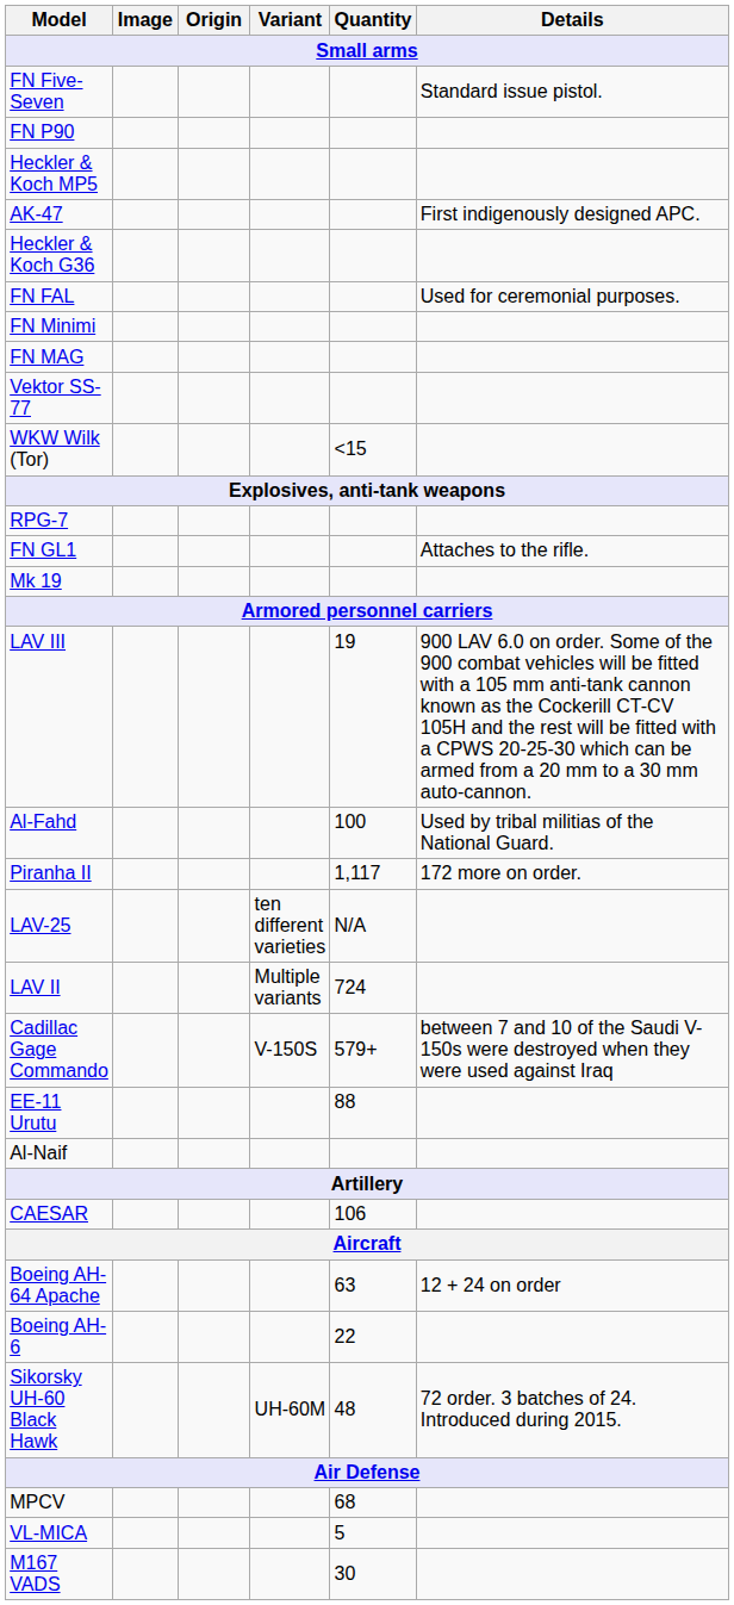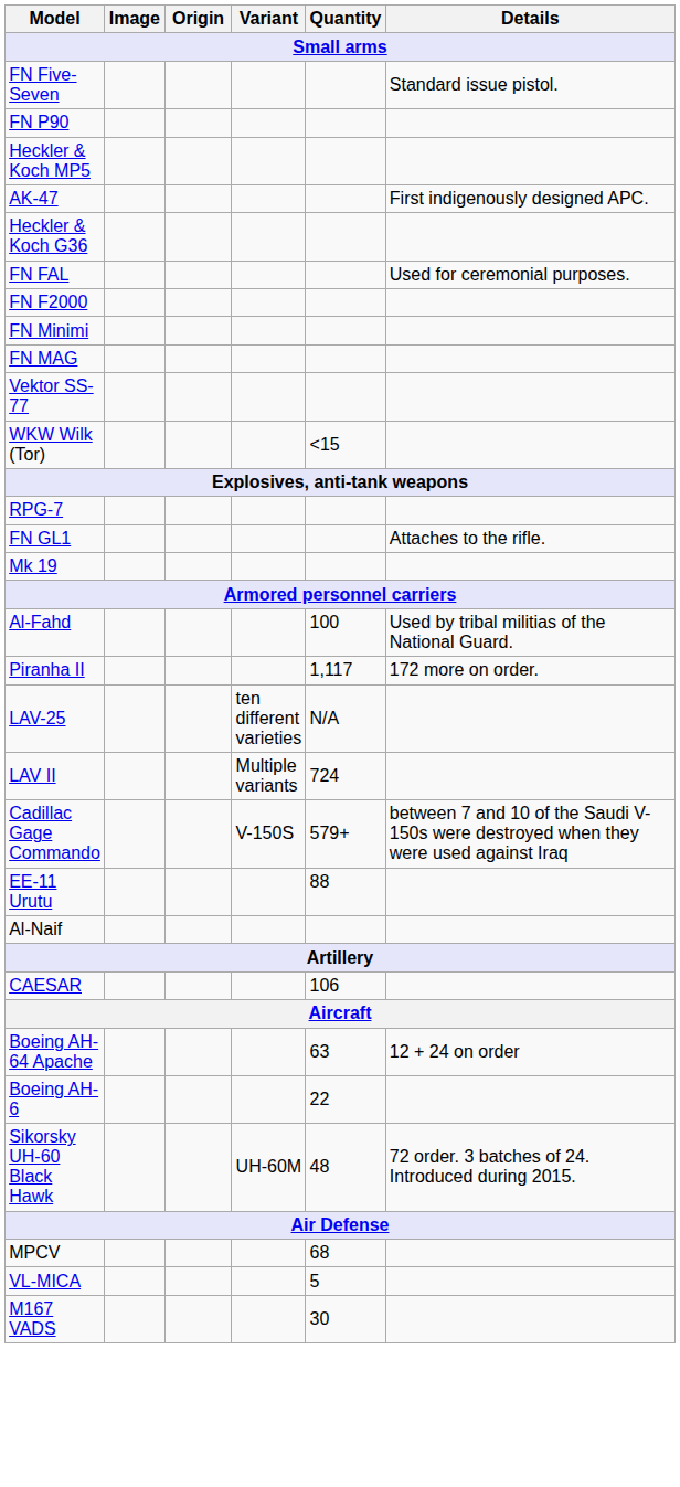 <table class="wikitable">
 <tr>
 <th style="width:9%;">Model</th>
 <th style="width:9%;">Image</th>
 <th style="width:10%;">Origin</th>
 <th style="width:4%;">Variant</th>
 <th>Quantity</th>
 <th>Details</th>
 </tr>
 <tr>
 <th colspan="6" style="align: center; background: lavender;"><strong><a href='#'>Small arms</a></strong></th>
 </tr>
 <tr>
 <td><a href='#'>FN Five-Seven</a></td>
 <td></td>
 <td></td>
 <td></td>
 <td></td>
 <td>Standard issue pistol.</td>
 </tr>
 <tr>
 <td><a href='#'>FN P90</a></td>
 <td></td>
 <td></td>
 <td></td>
 <td></td>
 <td></td>
 </tr>
 <tr>
 <td><a href='#'>Heckler & Koch MP5</a></td>
 <td></td>
 <td><br></td>
 <td></td>
 <td></td>
 <td></td>
 </tr>
 <tr>
 <td><a href='#'>AK-47</a></td>
 <td></td>
 <td></td>
 <td></td>
 <td></td>
 <td>First indigenously designed APC.</td>
 </tr>
 <tr>
 <td><a href='#'>Heckler & Koch G36</a></td>
 <td></td>
 <td><br></td>
 <td></td>
 <td></td>
 <td></td>
 </tr>
 <tr>
 <td><a href='#'>FN FAL</a></td>
 <td></td>
 <td></td>
 <td></td>
 <td></td>
 <td>Used for ceremonial purposes.</td>
+</tr>
+<tr>
+<td><a href='#'>FN F2000</a></td>
+<td></td>
+<td></td>
+<td></td>
+<td></td>
+<td></td>
 </tr>
 <tr>
 <td><a href='#'>FN Minimi</a></td>
 <td></td>
 <td></td>
 <td></td>
 <td></td>
 <td></td>
 </tr>
 <tr>
 <td><a href='#'>FN MAG</a></td>
 <td></td>
 <td></td>
 <td></td>
 <td></td>
 <td></td>
 </tr>
 <tr>
 <td><a href='#'>Vektor SS-77</a></td>
 <td></td>
 <td></td>
 <td></td>
 <td></td>
 <td></td>
 </tr>
 <tr>
 <td><a href='#'>WKW Wilk</a> (Tor)</td>
 <td></td>
 <td></td>
 <td></td>
 <td><15</td>
 <td></td>
 </tr>
 <tr>
 <th colspan="6" style="align: center; background: lavender;"><strong>Explosives, anti-tank weapons</strong></th>
 </tr>
 <tr>
 <td><a href='#'>RPG-7</a></td>
 <td></td>
 <td></td>
 <td></td>
 <td></td>
 <td></td>
 </tr>
 <tr>
 <td><a href='#'>FN GL1</a></td>
 <td></td>
 <td></td>
 <td></td>
 <td></td>
 <td>Attaches to the rifle.</td>
 </tr>
 <tr>
 <td><a href='#'>Mk 19</a></td>
 <td></td>
 <td></td>
 <td></td>
 <td></td>
 <td></td>
 </tr>
 <tr>
 <th colspan="6" style="align: center; background: lavender;"><strong><a href='#'>Armored personnel carriers</a></strong></th>
-</tr>
-<tr valign="top">
-<td><a href='#'>LAV III</a></td>
-<td></td>
-<td></td>
-<td></td>
-<td>19</td>
-<td>900 LAV 6.0 on order. Some of the 900 combat vehicles will be fitted with a 105 mm anti-tank cannon known as the Cockerill CT-CV 105H and the rest will be fitted with a CPWS 20-25-30 which can be armed from a 20 mm to a 30 mm auto-cannon.</td>
 </tr>
 <tr valign="top">
 <td><a href='#'>Al-Fahd</a></td>
 <td></td>
 <td></td>
 <td></td>
 <td>100</td>
 <td>Used by tribal militias of the National Guard.</td>
 </tr>
 <tr valign="top">
 <td><a href='#'>Piranha II</a></td>
 <td></td>
 <td></td>
 <td></td>
 <td>1,117</td>
 <td>172 more on order.</td>
 </tr>
 <tr>
 <td><a href='#'>LAV-25</a></td>
 <td></td>
 <td></td>
 <td>ten different varieties</td>
 <td>N/A</td>
 <td></td>
 </tr>
 <tr>
 <td><a href='#'>LAV II</a></td>
 <td></td>
 <td></td>
 <td>Multiple variants</td>
 <td>724</td>
 <td></td>
 </tr>
 <tr>
 <td><a href='#'>Cadillac Gage Commando</a></td>
 <td></td>
 <td></td>
 <td>V-150S</td>
 <td>579+</td>
 <td>between 7 and 10 of the Saudi V-150s were destroyed when they were used against Iraq</td>
 </tr>
 <tr valign="top">
 <td><a href='#'>EE-11 Urutu</a></td>
 <td></td>
 <td></td>
 <td></td>
 <td>88</td>
 <td></td>
 </tr>
 <tr valign="top">
 <td>Al-Naif</td>
 <td></td>
 <td></td>
 <td></td>
 <td></td>
 <td></td>
 </tr>
 <tr>
 <th colspan="6" style="align: center; background: lavender;"><strong>Artillery</strong></th>
 </tr>
 <tr valign="top">
 <td><a href='#'>CAESAR</a></td>
 <td></td>
 <td></td>
 <td></td>
 <td>106</td>
 <td></td>
 </tr>
 <tr>
 <th colspan="6"><a href='#'>Aircraft</a></th>
 </tr>
 <tr>
 <td><a href='#'>Boeing AH-64 Apache</a></td>
 <td></td>
 <td></td>
 <td></td>
 <td>63</td>
 <td>12 + 24 on order</td>
 </tr>
 <tr>
 <td><a href='#'>Boeing AH-6</a></td>
 <td></td>
 <td></td>
 <td></td>
 <td>22</td>
 <td></td>
 </tr>
 <tr>
 <td><a href='#'>Sikorsky UH-60 Black Hawk</a></td>
 <td></td>
 <td></td>
 <td>UH-60M</td>
 <td>48</td>
 <td>72 order. 3 batches of 24. Introduced during 2015.</td>
 </tr>
 <tr>
 <th colspan="6" style="align: center; background: lavender;"><strong><a href='#'>Air Defense</a></strong></th>
 </tr>
 <tr valign="top">
 <td>MPCV</td>
 <td></td>
 <td></td>
 <td></td>
 <td>68</td>
 <td></td>
 </tr>
 <tr>
 <td><a href='#'>VL-MICA</a></td>
 <td></td>
 <td></td>
 <td></td>
 <td>5</td>
 <td></td>
 </tr>
 <tr>
 <td><a href='#'>M167 VADS</a></td>
 <td></td>
 <td></td>
 <td></td>
 <td>30</td>
 <td></td>
 </tr>
 </table>
